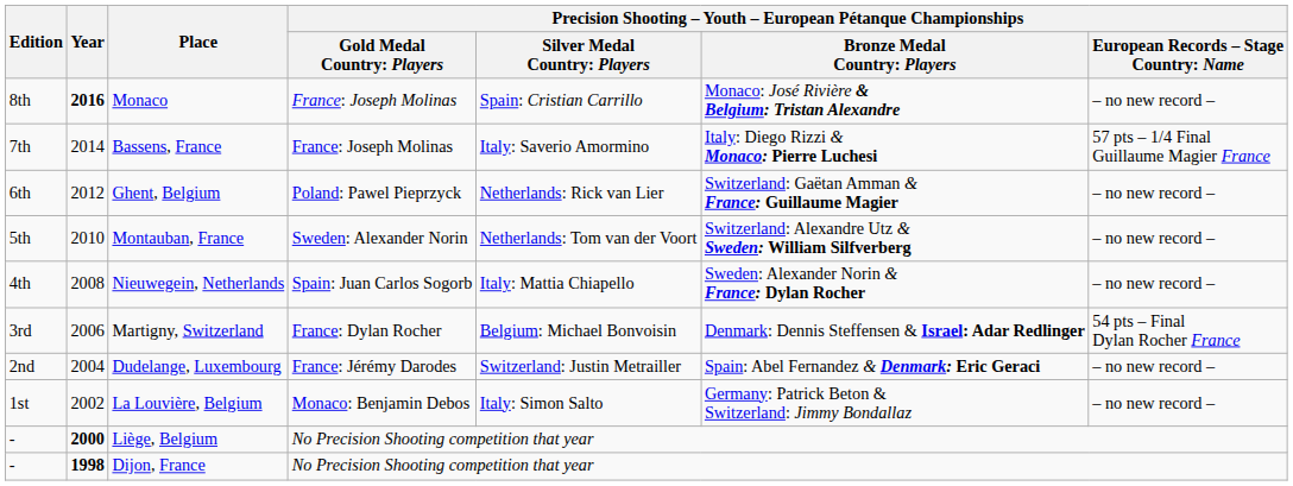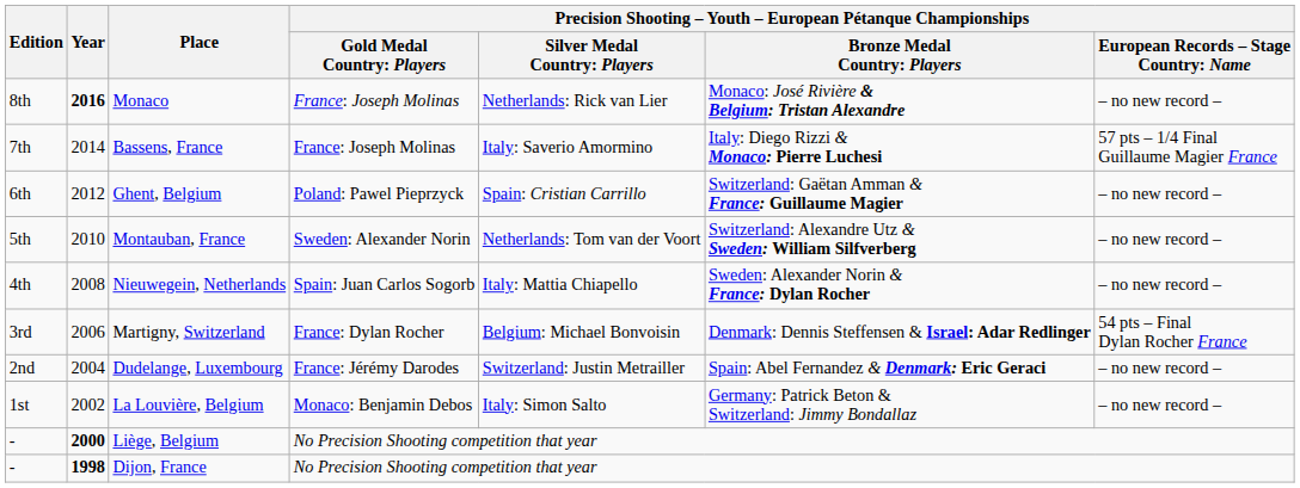 <table class="wikitable">
 <tr>
 <th rowspan="2">Edition</th>
 <th rowspan="2">Year</th>
 <th rowspan="2">Place</th>
 <th colspan="4">Precision Shooting – Youth – <strong>European Pétanque Championships</strong></th>
 </tr>
 <tr>
 <th> Gold Medal<br>Country: <em>Players</em></th>
 <th> Silver Medal<br>Country: <em>Players</em></th>
 <th> Bronze Medal<br>Country: <em>Players</em></th>
 <th><strong>European Records – Stage</strong><br>Country: <em>Name</em></th>
 </tr>
 <tr>
 <td>8th</td>
 <td><strong>2016</strong></td>
 <td> <a href='#'>Monaco</a></td>
 <td> <em><a href='#'>France</a></em>: <em>Joseph Molinas</em></td>
-<td> <a href='#'>Spain</a>: <em>Cristian Carrillo</em></td>
+<td> <a href='#'>Netherlands</a>: </em>Rick van Lier<em></td>
 <td> <a href='#'>Monaco</a>: <em>José Rivière <strong>&<strong><em><br> <a href='#'>Belgium</a>: </em>Tristan Alexandre<em></td>
 <td></em>– no new record –<em></td>
 </tr>
 <tr>
 <td>7th</td>
 <td></strong>2014<strong></td>
 <td> <a href='#'>Bassens</a>, <a href='#'>France</a></td>
 <td> <a href='#'>France</a>: </em>Joseph Molinas<em></td>
 <td> <a href='#'>Italy</a>: </em>Saverio Amormino<em></td>
 <td> <a href='#'>Italy</a>:  </em>Diego Rizzi<em>  </strong>&<strong><br> <a href='#'>Monaco</a>: </em>Pierre Luchesi<em></td>
 <td>57 pts – 1/4 Final<br></em>Guillaume Magier<em>   <a href='#'>France</a></td>
 </tr>
 <tr>
 <td>6th</td>
 <td></strong>2012<strong></td>
 <td> <a href='#'>Ghent</a>, <a href='#'>Belgium</a></td>
 <td> <a href='#'>Poland</a>: </em>Pawel Pieprzyck<em></td>
-<td> <a href='#'>Netherlands</a>: </em>Rick van Lier<em></td>
+<td> <a href='#'>Spain</a>: <em>Cristian Carrillo</em></td>
 <td> <a href='#'>Switzerland</a>:  </em>Gaëtan Amman<em>  </strong>&<strong><br> <a href='#'>France</a>: </em>Guillaume Magier<em></td>
 <td></em>– no new record –<em></td>
 </tr>
 <tr>
 <td>5th</td>
 <td></strong>2010<strong></td>
 <td> <a href='#'>Montauban</a>, <a href='#'>France</a></td>
 <td> <a href='#'>Sweden</a>: </em>Alexander Norin<em></td>
 <td> <a href='#'>Netherlands</a>: </em>Tom van der Voort<em></td>
 <td> <a href='#'>Switzerland</a>: </em>Alexandre Utz<em>  </strong>&<strong><br> <a href='#'>Sweden</a>:  </em>William Silfverberg<em></td>
 <td></em>– no new record –<em></td>
 </tr>
 <tr>
 <td>4th</td>
 <td></strong>2008<strong></td>
 <td> <a href='#'>Nieuwegein</a>, <a href='#'>Netherlands</a></td>
 <td> <a href='#'>Spain</a>: </em>Juan Carlos Sogorb<em></td>
 <td> <a href='#'>Italy</a>: </em>Mattia Chiapello<em></td>
 <td> <a href='#'>Sweden</a>: </em>Alexander Norin<em> </strong>&<strong><br> <a href='#'>France</a>: </em>Dylan Rocher<em></td>
 <td></em>– no new record –<em></td>
 </tr>
 <tr>
 <td>3rd</td>
 <td></strong>2006<strong></td>
 <td> Martigny, <a href='#'>Switzerland</a></td>
 <td> <a href='#'>France</a>: </em>Dylan Rocher<em></td>
 <td> <a href='#'>Belgium</a>: </em>Michael Bonvoisin<em></td>
 <td> <a href='#'>Denmark</a>: Dennis Steffensen </strong>&<strong>  <a href='#'>Israel</a>: </em>Adar Redlinger<em></td>
 <td>54 pts – Final<br></em>Dylan Rocher<em>   <a href='#'>France</a></td>
 </tr>
 <tr>
 <td>2nd</td>
 <td></strong>2004<strong></td>
 <td> <a href='#'>Dudelange</a>, <a href='#'>Luxembourg</a></td>
 <td> <a href='#'>France</a>: </em>Jérémy Darodes<em></td>
 <td> <a href='#'>Switzerland</a>: </em>Justin Metrailler<em></td>
 <td> <a href='#'>Spain</a>: </em>Abel Fernandez<em> </strong>&<strong>  <a href='#'>Denmark</a>: </em>Eric Geraci<em></td>
 <td>– no new record –</td>
 </tr>
 <tr>
 <td>1st</td>
 <td></strong>2002<strong></td>
 <td> <a href='#'>La Louvière</a>, <a href='#'>Belgium</a></td>
 <td> <a href='#'>Monaco</a>: </em>Benjamin Debos<em></td>
 <td> <a href='#'>Italy</a>: </em>Simon Salto<em></td>
 <td> <a href='#'>Germany</a>: </em>Patrick Beton </strong>&</em></strong><br> <a href='#'>Switzerland</a>: <em>Jimmy Bondallaz</em></td>
 <td>– no new record –</td>
 </tr>
 <tr>
 <td>-</td>
 <td><strong>2000</strong></td>
 <td> <a href='#'>Liège</a>, <a href='#'>Belgium</a></td>
 <td colspan="4"><em>No Precision Shooting competition that year</em></td>
 </tr>
 <tr>
 <td>-</td>
 <td><strong>1998</strong></td>
 <td> <a href='#'>Dijon</a>, <a href='#'>France</a></td>
 <td colspan="4"><em>No Precision Shooting competition that year</em></td>
 </tr>
 </table>
